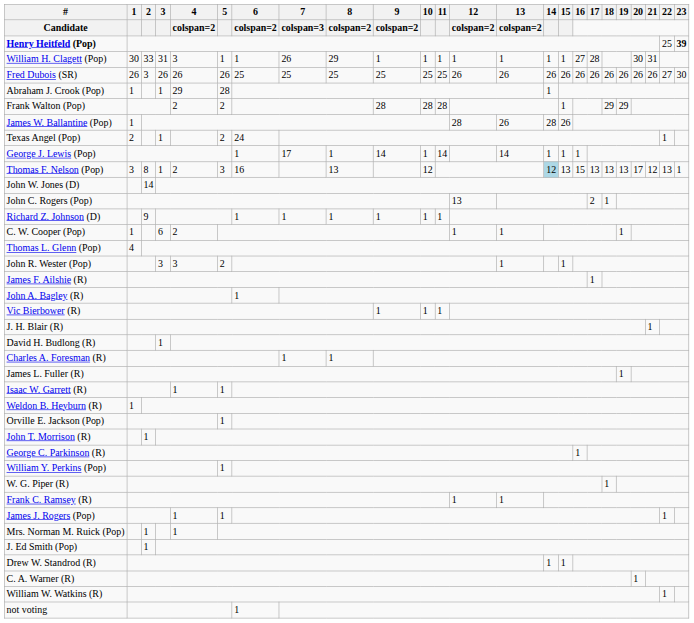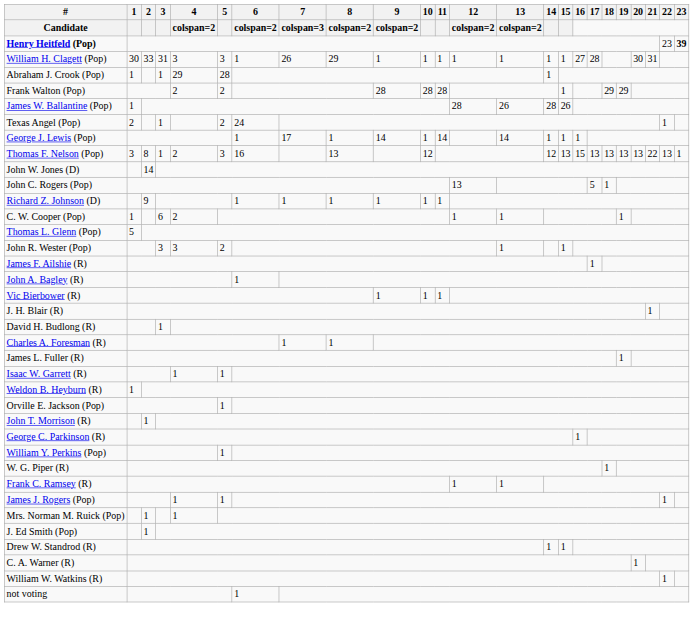 <table class="wikitable sortable" border=1 style="border-collapse: collapse;">
 <tr>
 <th>#</th>
 <th>1</th>
 <th>2</th>
 <th>3</th>
 <th>4</th>
 <th>5</th>
 <th>6</th>
 <th>7</th>
 <th>8</th>
 <th>9</th>
 <th>10</th>
 <th>11</th>
 <th>12</th>
 <th>13</th>
 <th>14</th>
 <th>15</th>
 <th>16</th>
 <th>17</th>
 <th>18</th>
 <th>19</th>
 <th>20</th>
 <th>21</th>
 <th>22</th>
 <th>23</th>
 </tr>
 <tr>
 <th>Candidate</th>
 <th></th>
 <th></th>
 <th></th>
 <th>colspan=2 </th>
 <th></th>
 <th>colspan=2 </th>
 <th>colspan=3 </th>
 <th>colspan=2 </th>
 <th>colspan=2 </th>
 <th></th>
 <th></th>
 <th>colspan=2 </th>
 <th>colspan=2 </th>
 <th></th>
 <th></th>
 </tr>
 <tr>
 <td><strong><a href='#'>Henry Heitfeld</a> (Pop)</strong></td>
 <td colspan=21></td>
-<td>25</td>
+<td>23</td>
 <td><strong>39</strong></td>
 </tr>
 <tr>
 <td><a href='#'>William H. Clagett</a> (Pop)</td>
 <td>30</td>
 <td>33</td>
 <td>31</td>
 <td>3</td>
-<td>1</td>
+<td>3</td>
 <td>1</td>
 <td>26</td>
 <td>29</td>
 <td>1</td>
 <td>1</td>
 <td>1</td>
 <td>1</td>
 <td>1</td>
 <td>1</td>
 <td>1</td>
 <td>27</td>
 <td>28</td>
 <td colspan=2></td>
 <td>30</td>
 <td>31</td>
 <td colspan=2></td>
-</tr>
-<tr>
-<td><a href='#'>Fred Dubois</a> (SR)</td>
-<td>26</td>
-<td>3</td>
-<td>26</td>
-<td>26</td>
-<td>26</td>
-<td>25</td>
-<td>25</td>
-<td>25</td>
-<td>25</td>
-<td>25</td>
-<td>25</td>
-<td>26</td>
-<td>26</td>
-<td>26</td>
-<td>26</td>
-<td>26</td>
-<td>26</td>
-<td>26</td>
-<td>26</td>
-<td>26</td>
-<td>26</td>
-<td>27</td>
-<td>30</td>
 </tr>
 <tr>
 <td>Abraham J. Crook (Pop)</td>
 <td>1</td>
 <td></td>
 <td>1</td>
 <td>29</td>
 <td>28</td>
 <td colspan=8></td>
 <td>1</td>
 <td colspan=9></td>
 </tr>
 <tr>
 <td>Frank Walton (Pop)</td>
 <td colspan=3></td>
 <td>2</td>
 <td>2</td>
 <td colspan=3></td>
 <td>28</td>
 <td>28</td>
 <td>28</td>
 <td colspan=3></td>
 <td>1</td>
 <td colspan=2></td>
 <td>29</td>
 <td>29</td>
 <td colspan=4></td>
 </tr>
 <tr>
 <td><a href='#'>James W. Ballantine</a> (Pop)</td>
 <td>1</td>
 <td colspan=10></td>
 <td>28</td>
 <td>26</td>
 <td>28</td>
 <td>26</td>
 <td colspan=8></td>
 </tr>
 <tr>
 <td>Texas Angel (Pop)</td>
 <td>2</td>
 <td></td>
 <td>1</td>
 <td></td>
 <td>2</td>
 <td>24</td>
 <td colspan=15></td>
 <td>1</td>
 <td></td>
 </tr>
 <tr>
 <td><a href='#'>George J. Lewis</a> (Pop)</td>
 <td colspan=5></td>
 <td>1</td>
 <td>17</td>
 <td>1</td>
 <td>14</td>
 <td>1</td>
 <td>14</td>
 <td></td>
 <td>14</td>
 <td>1</td>
 <td>1</td>
 <td>1</td>
 <td colspan=7></td>
 </tr>
 <tr>
 <td><a href='#'>Thomas F. Nelson</a> (Pop)</td>
 <td>3</td>
 <td>8</td>
 <td>1</td>
 <td>2</td>
 <td>3</td>
 <td>16</td>
 <td></td>
 <td>13</td>
 <td></td>
 <td>12</td>
 <td colspan=3></td>
-<td style="background: lightblue;">12</td>
+<td>12</td>
 <td>13</td>
 <td>15</td>
 <td>13</td>
 <td>13</td>
 <td>13</td>
-<td>17</td>
-<td>12</td>
+<td>13</td>
+<td>22</td>
 <td>13</td>
 <td>1</td>
 </tr>
 <tr>
 <td>John W. Jones (D)</td>
 <td></td>
 <td>14</td>
 <td colspan=21></td>
 </tr>
 <tr>
 <td>John C. Rogers (Pop)</td>
 <td colspan=11></td>
 <td>13</td>
 <td colspan=4></td>
-<td>2</td>
+<td>5</td>
 <td>1</td>
 <td colspan=5></td>
 </tr>
 <tr>
 <td><a href='#'>Richard Z. Johnson</a> (D)</td>
 <td></td>
 <td>9</td>
 <td colspan=3></td>
 <td>1</td>
 <td>1</td>
 <td>1</td>
 <td>1</td>
 <td>1</td>
 <td>1</td>
 <td colspan=12></td>
 </tr>
 <tr>
 <td>C. W. Cooper (Pop)</td>
 <td>1</td>
 <td></td>
 <td>6</td>
 <td>2</td>
 <td colspan=7></td>
 <td>1</td>
 <td>1</td>
 <td colspan=5></td>
 <td>1</td>
 <td colspan=4></td>
 </tr>
 <tr>
 <td><a href='#'>Thomas L. Glenn</a> (Pop)</td>
-<td>4</td>
+<td>5</td>
 <td colspan=22></td>
 </tr>
 <tr>
 <td>John R. Wester (Pop)</td>
 <td colspan=2></td>
 <td>3</td>
 <td>3</td>
 <td>2</td>
 <td colspan=7></td>
 <td>1</td>
 <td></td>
 <td>1</td>
 <td colspan=8></td>
 </tr>
 <tr>
 <td><a href='#'>James F. Ailshie</a> (R)</td>
 <td colspan=16></td>
 <td>1</td>
 <td colspan=6></td>
 </tr>
 <tr>
 <td><a href='#'>John A. Bagley</a> (R)</td>
 <td colspan=5></td>
 <td>1</td>
 <td colspan=17></td>
 </tr>
 <tr>
 <td><a href='#'>Vic Bierbower</a> (R)</td>
 <td colspan=8></td>
 <td>1</td>
 <td>1</td>
 <td>1</td>
 <td colspan=12></td>
 </tr>
 <tr>
 <td>J. H. Blair (R)</td>
 <td colspan=20></td>
 <td>1</td>
 <td colspan=2></td>
 </tr>
 <tr>
 <td>David H. Budlong (R)</td>
 <td colspan=2></td>
 <td>1</td>
 <td colspan=20></td>
 </tr>
 <tr>
 <td><a href='#'>Charles A. Foresman</a> (R)</td>
 <td colspan=6></td>
 <td>1</td>
 <td>1</td>
 <td colspan=15></td>
 </tr>
 <tr>
 <td>James L. Fuller (R)</td>
 <td colspan=18></td>
 <td>1</td>
 <td colspan=4></td>
 </tr>
 <tr>
 <td><a href='#'>Isaac W. Garrett</a> (R)</td>
 <td colspan=3></td>
 <td>1</td>
 <td>1</td>
 <td colspan=18></td>
 </tr>
 <tr>
 <td><a href='#'>Weldon B. Heyburn</a> (R)</td>
 <td>1</td>
 <td colspan=22></td>
 </tr>
 <tr>
 <td>Orville E. Jackson (Pop)</td>
 <td colspan=4></td>
 <td>1</td>
 <td colspan=18></td>
 </tr>
 <tr>
 <td><a href='#'>John T. Morrison</a> (R)</td>
 <td></td>
 <td>1</td>
 <td colspan=21></td>
 </tr>
 <tr>
 <td><a href='#'>George C. Parkinson</a> (R)</td>
 <td colspan=15></td>
 <td>1</td>
 <td colspan=7></td>
 </tr>
 <tr>
 <td><a href='#'>William Y. Perkins</a> (Pop)</td>
 <td colspan=4></td>
 <td>1</td>
 <td colspan=18></td>
 </tr>
 <tr>
 <td>W. G. Piper (R)</td>
 <td colspan=17></td>
 <td>1</td>
 <td colspan=5></td>
 </tr>
 <tr>
 <td><a href='#'>Frank C. Ramsey</a> (R)</td>
 <td colspan=11></td>
 <td>1</td>
 <td>1</td>
 <td colspan=10></td>
 </tr>
 <tr>
 <td><a href='#'>James J. Rogers</a> (Pop)</td>
 <td colspan=3></td>
 <td>1</td>
 <td>1</td>
 <td colspan=16></td>
 <td>1</td>
 <td></td>
 </tr>
 <tr>
 <td>Mrs. Norman M. Ruick (Pop)</td>
 <td></td>
 <td>1</td>
 <td></td>
 <td>1</td>
 <td colspan=19></td>
 </tr>
 <tr>
 <td>J. Ed Smith (Pop)</td>
 <td></td>
 <td>1</td>
 <td colspan=21></td>
 </tr>
 <tr>
 <td>Drew W. Standrod (R)</td>
 <td colspan=13></td>
 <td>1</td>
 <td>1</td>
 <td colspan=8></td>
 </tr>
 <tr>
 <td>C. A. Warner (R)</td>
 <td colspan=19></td>
 <td>1</td>
 <td colspan=3></td>
 </tr>
 <tr>
 <td>William W. Watkins (R)</td>
 <td colspan=21></td>
 <td>1</td>
 <td></td>
 </tr>
 <tr>
 <td>not voting</td>
 <td colspan=5></td>
 <td>1</td>
 <td colspan=17></td>
 </tr>
 </table>
